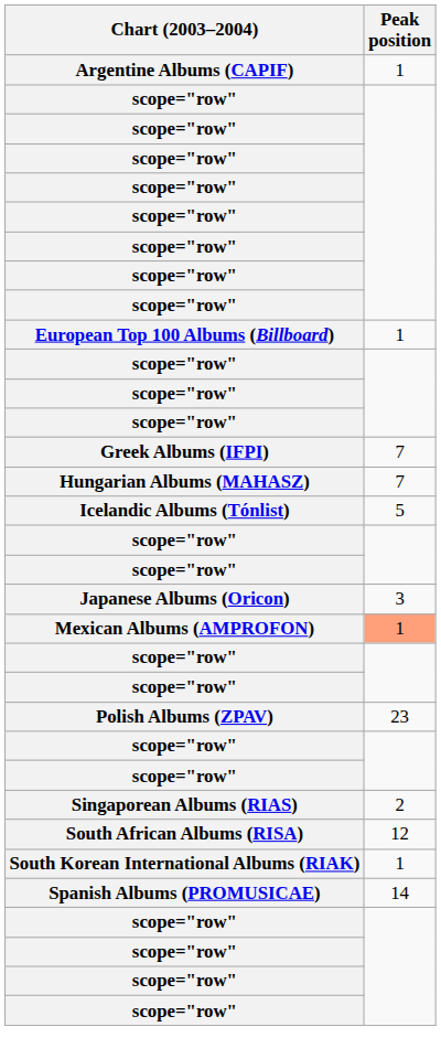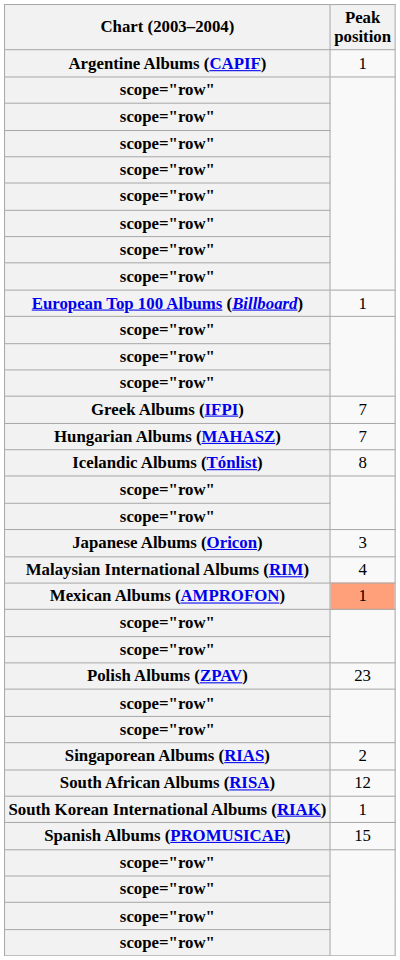 <table class="wikitable sortable plainrowheaders" style="text-align:center">
 <tr>
 <th scope="col">Chart (2003–2004)</th>
 <th scope="col">Peak<br>position</th>
 </tr>
 <tr>
 <th scope="row">Argentine Albums (<a href='#'>CAPIF</a>)</th>
 <td>1</td>
 </tr>
 <tr>
 <th>scope="row"</th>
 </tr>
 <tr>
 <th>scope="row"</th>
 </tr>
 <tr>
 <th>scope="row"</th>
 </tr>
 <tr>
 <th>scope="row"</th>
 </tr>
 <tr>
 <th>scope="row"</th>
 </tr>
 <tr>
 <th>scope="row"</th>
 </tr>
 <tr>
 <th>scope="row"</th>
 </tr>
 <tr>
 <th>scope="row"</th>
 </tr>
 <tr>
 <th scope="row"><a href='#'>European Top 100 Albums</a> (<em><a href='#'>Billboard</a></em>)</th>
 <td>1</td>
 </tr>
 <tr>
 <th>scope="row"</th>
 </tr>
 <tr>
 <th>scope="row"</th>
 </tr>
 <tr>
 <th>scope="row"</th>
 </tr>
 <tr>
 <th scope="row">Greek Albums (<a href='#'>IFPI</a>)</th>
 <td>7</td>
 </tr>
 <tr>
 <th scope="row">Hungarian Albums (<a href='#'>MAHASZ</a>)</th>
 <td>7</td>
 </tr>
 <tr>
 <th scope="row">Icelandic Albums (<a href='#'>Tónlist</a>)</th>
-<td>5</td>
+<td>8</td>
 </tr>
 <tr>
 <th>scope="row"</th>
 </tr>
 <tr>
 <th>scope="row"</th>
 </tr>
 <tr>
 <th scope="row">Japanese Albums (<a href='#'>Oricon</a>)</th>
 <td>3</td>
+</tr>
+<tr>
+<th scope="row">Malaysian International Albums (<a href='#'>RIM</a>)</th>
+<td>4</td>
 </tr>
 <tr>
 <th scope="row">Mexican Albums (<a href='#'>AMPROFON</a>)</th>
 <td style="background: lightsalmon;">1</td>
 </tr>
 <tr>
 <th>scope="row"</th>
 </tr>
 <tr>
 <th>scope="row"</th>
 </tr>
 <tr>
 <th scope="row">Polish Albums (<a href='#'>ZPAV</a>)</th>
 <td>23</td>
 </tr>
 <tr>
 <th>scope="row"</th>
 </tr>
 <tr>
 <th>scope="row"</th>
 </tr>
 <tr>
 <th scope="row">Singaporean Albums (<a href='#'>RIAS</a>)</th>
 <td>2</td>
 </tr>
 <tr>
 <th scope="row">South African Albums (<a href='#'>RISA</a>)</th>
 <td>12</td>
 </tr>
 <tr>
 <th scope="row">South Korean International Albums (<a href='#'>RIAK</a>)</th>
 <td>1</td>
 </tr>
 <tr>
 <th scope="row">Spanish Albums (<a href='#'>PROMUSICAE</a>)</th>
-<td>14</td>
+<td>15</td>
 </tr>
 <tr>
 <th>scope="row"</th>
 </tr>
 <tr>
 <th>scope="row"</th>
 </tr>
 <tr>
 <th>scope="row"</th>
 </tr>
 <tr>
 <th>scope="row"</th>
 </tr>
 </table>
